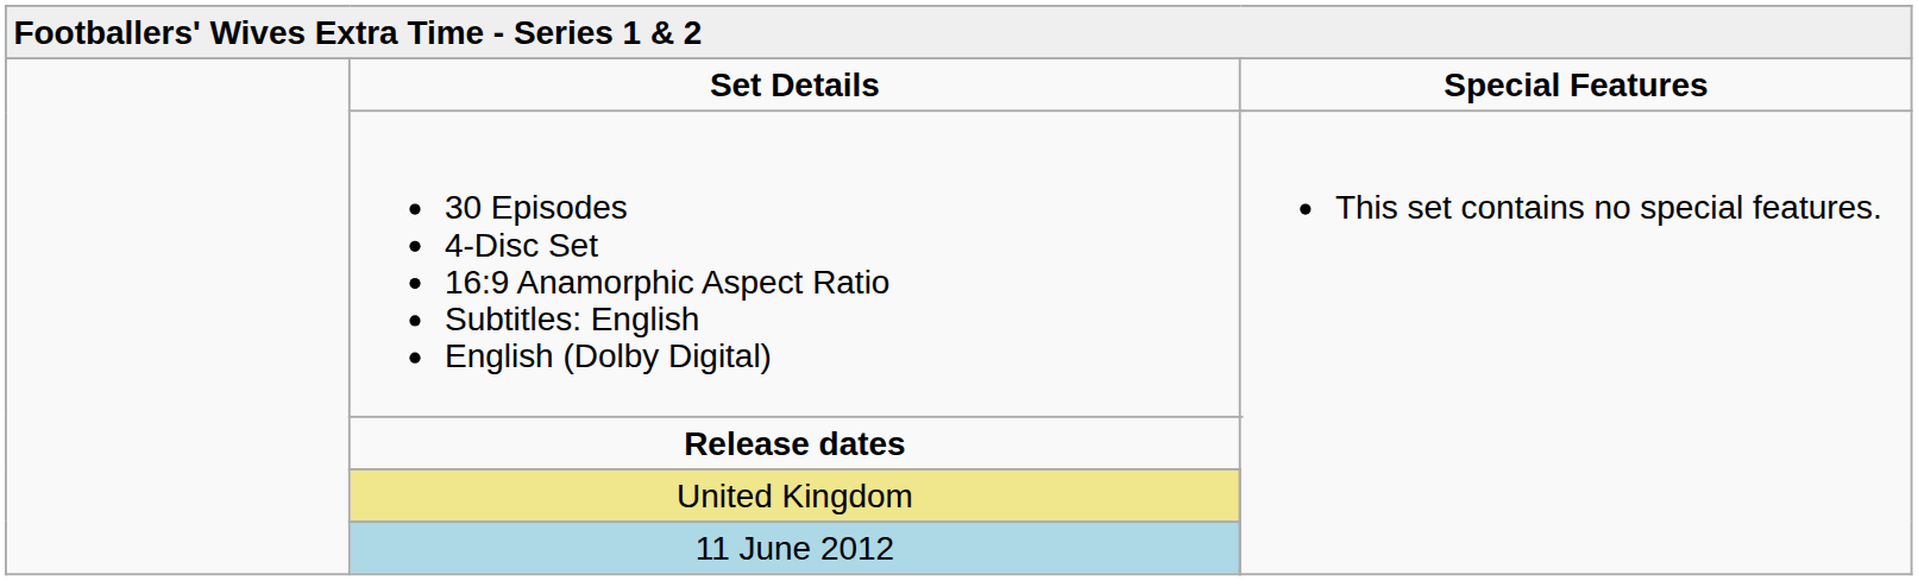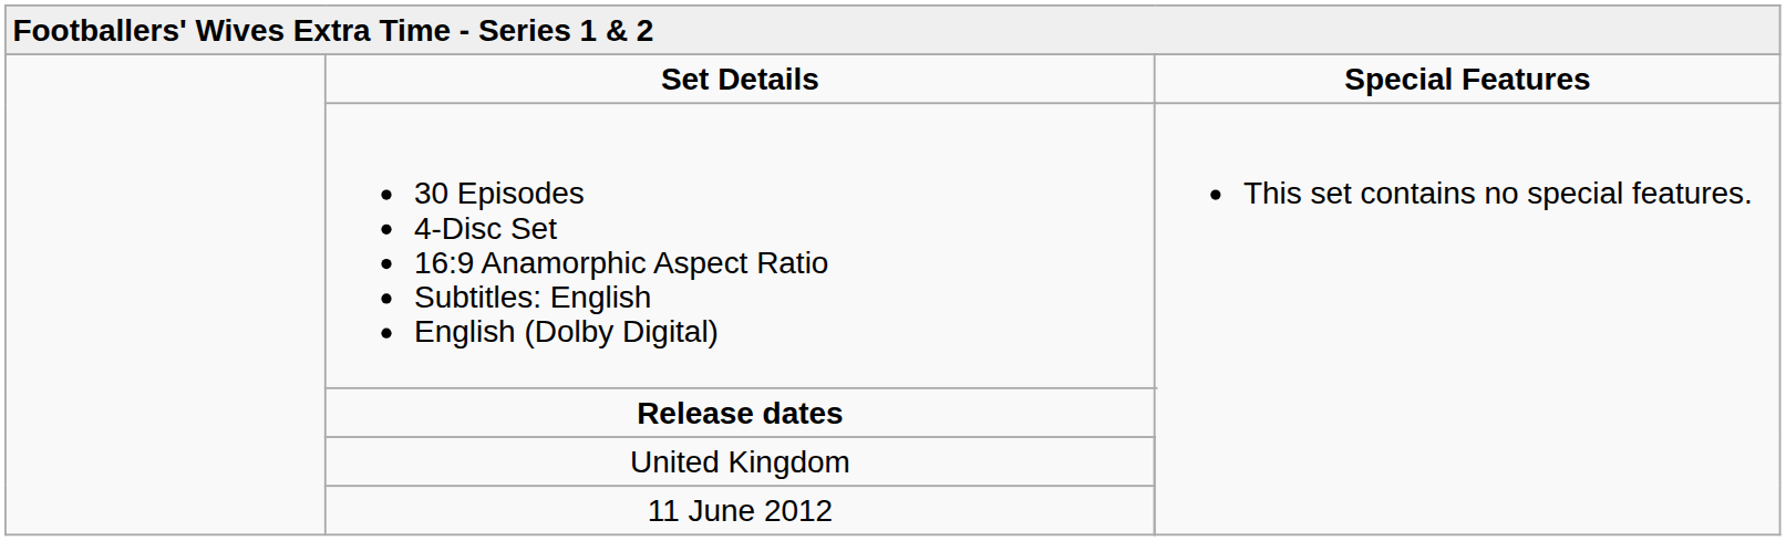 <table class="wikitable" style="font-size: 95%;">
 <tr style="background:#EFEFEF">
 <td colspan="5"><strong>Footballers' Wives Extra Time - Series 1 & 2</strong></td>
 </tr>
 <tr>
 <td rowspan="5" align="center" width="150"></td>
 <td align="center" width="150" colspan="3"><strong>Set Details</strong></td>
 <td width="150" align="center"><strong>Special Features</strong></td>
 </tr>
 <tr valign="top">
 <td colspan="3" align="left" width="400"><br><ul><li>30 Episodes</li><li>4-Disc Set</li><li>16:9 Anamorphic Aspect Ratio</li><li>Subtitles: English</li><li>English (Dolby Digital)</li></ul></td>
 <td rowspan="4" align="left" width="300"><br><ul><li>This set contains no special features.</li></ul></td>
 </tr>
 <tr>
 <td colspan="3" align="center"><strong>Release dates</strong></td>
 </tr>
 <tr>
-<td align="center" style="background: khaki;">United Kingdom</td>
+<td align="center">United Kingdom</td>
 </tr>
 <tr>
-<td align="center" style="background: lightblue;">11 June 2012</td>
+<td align="center">11 June 2012</td>
 </tr>
 </table>
